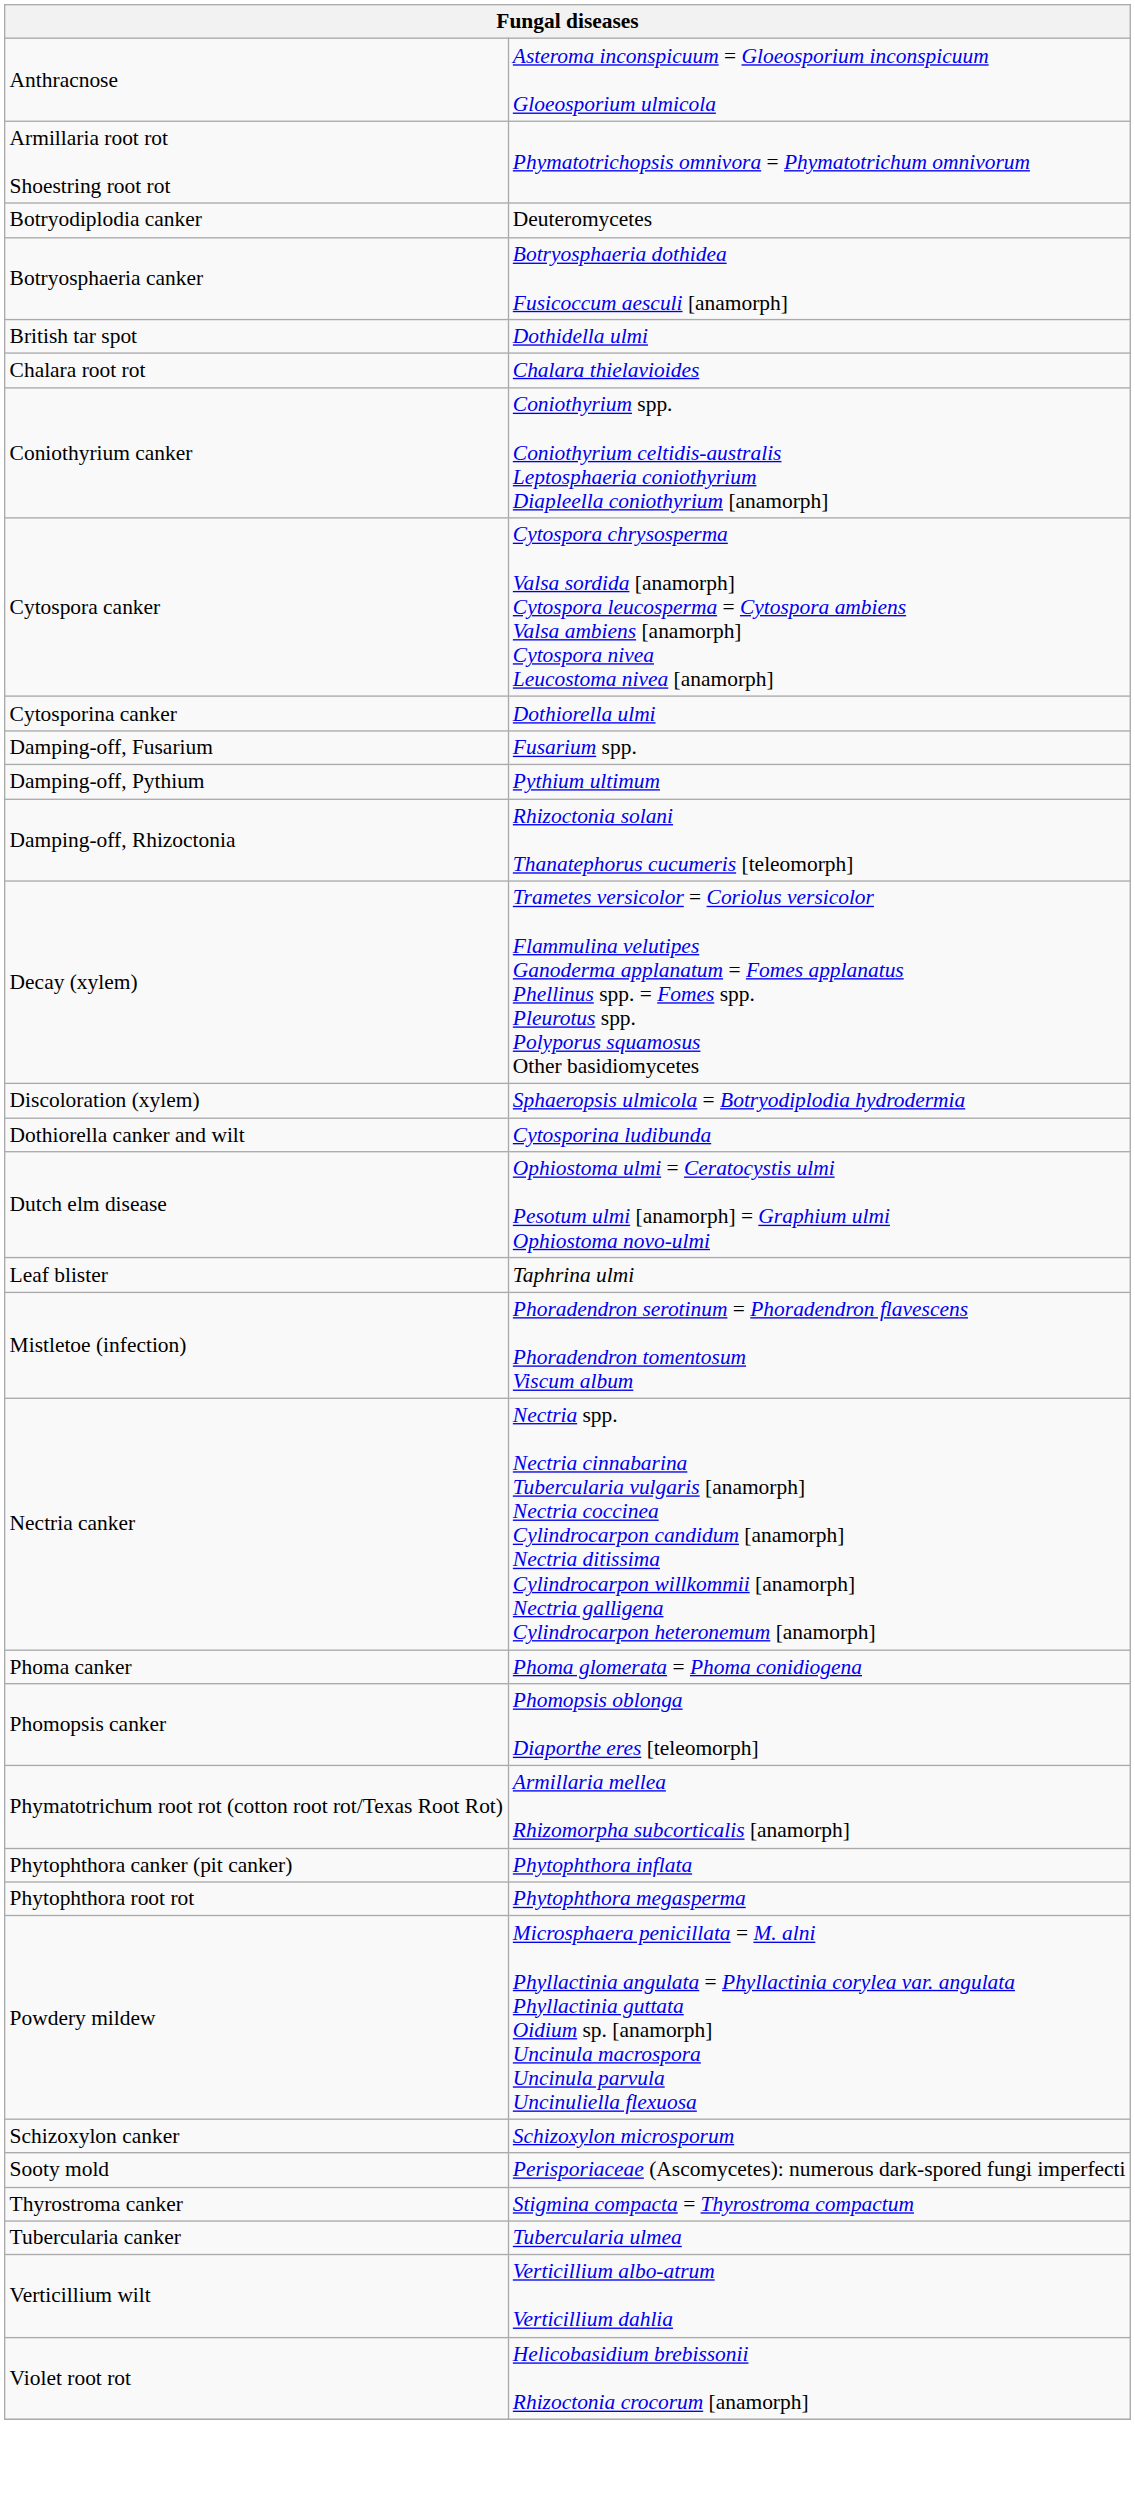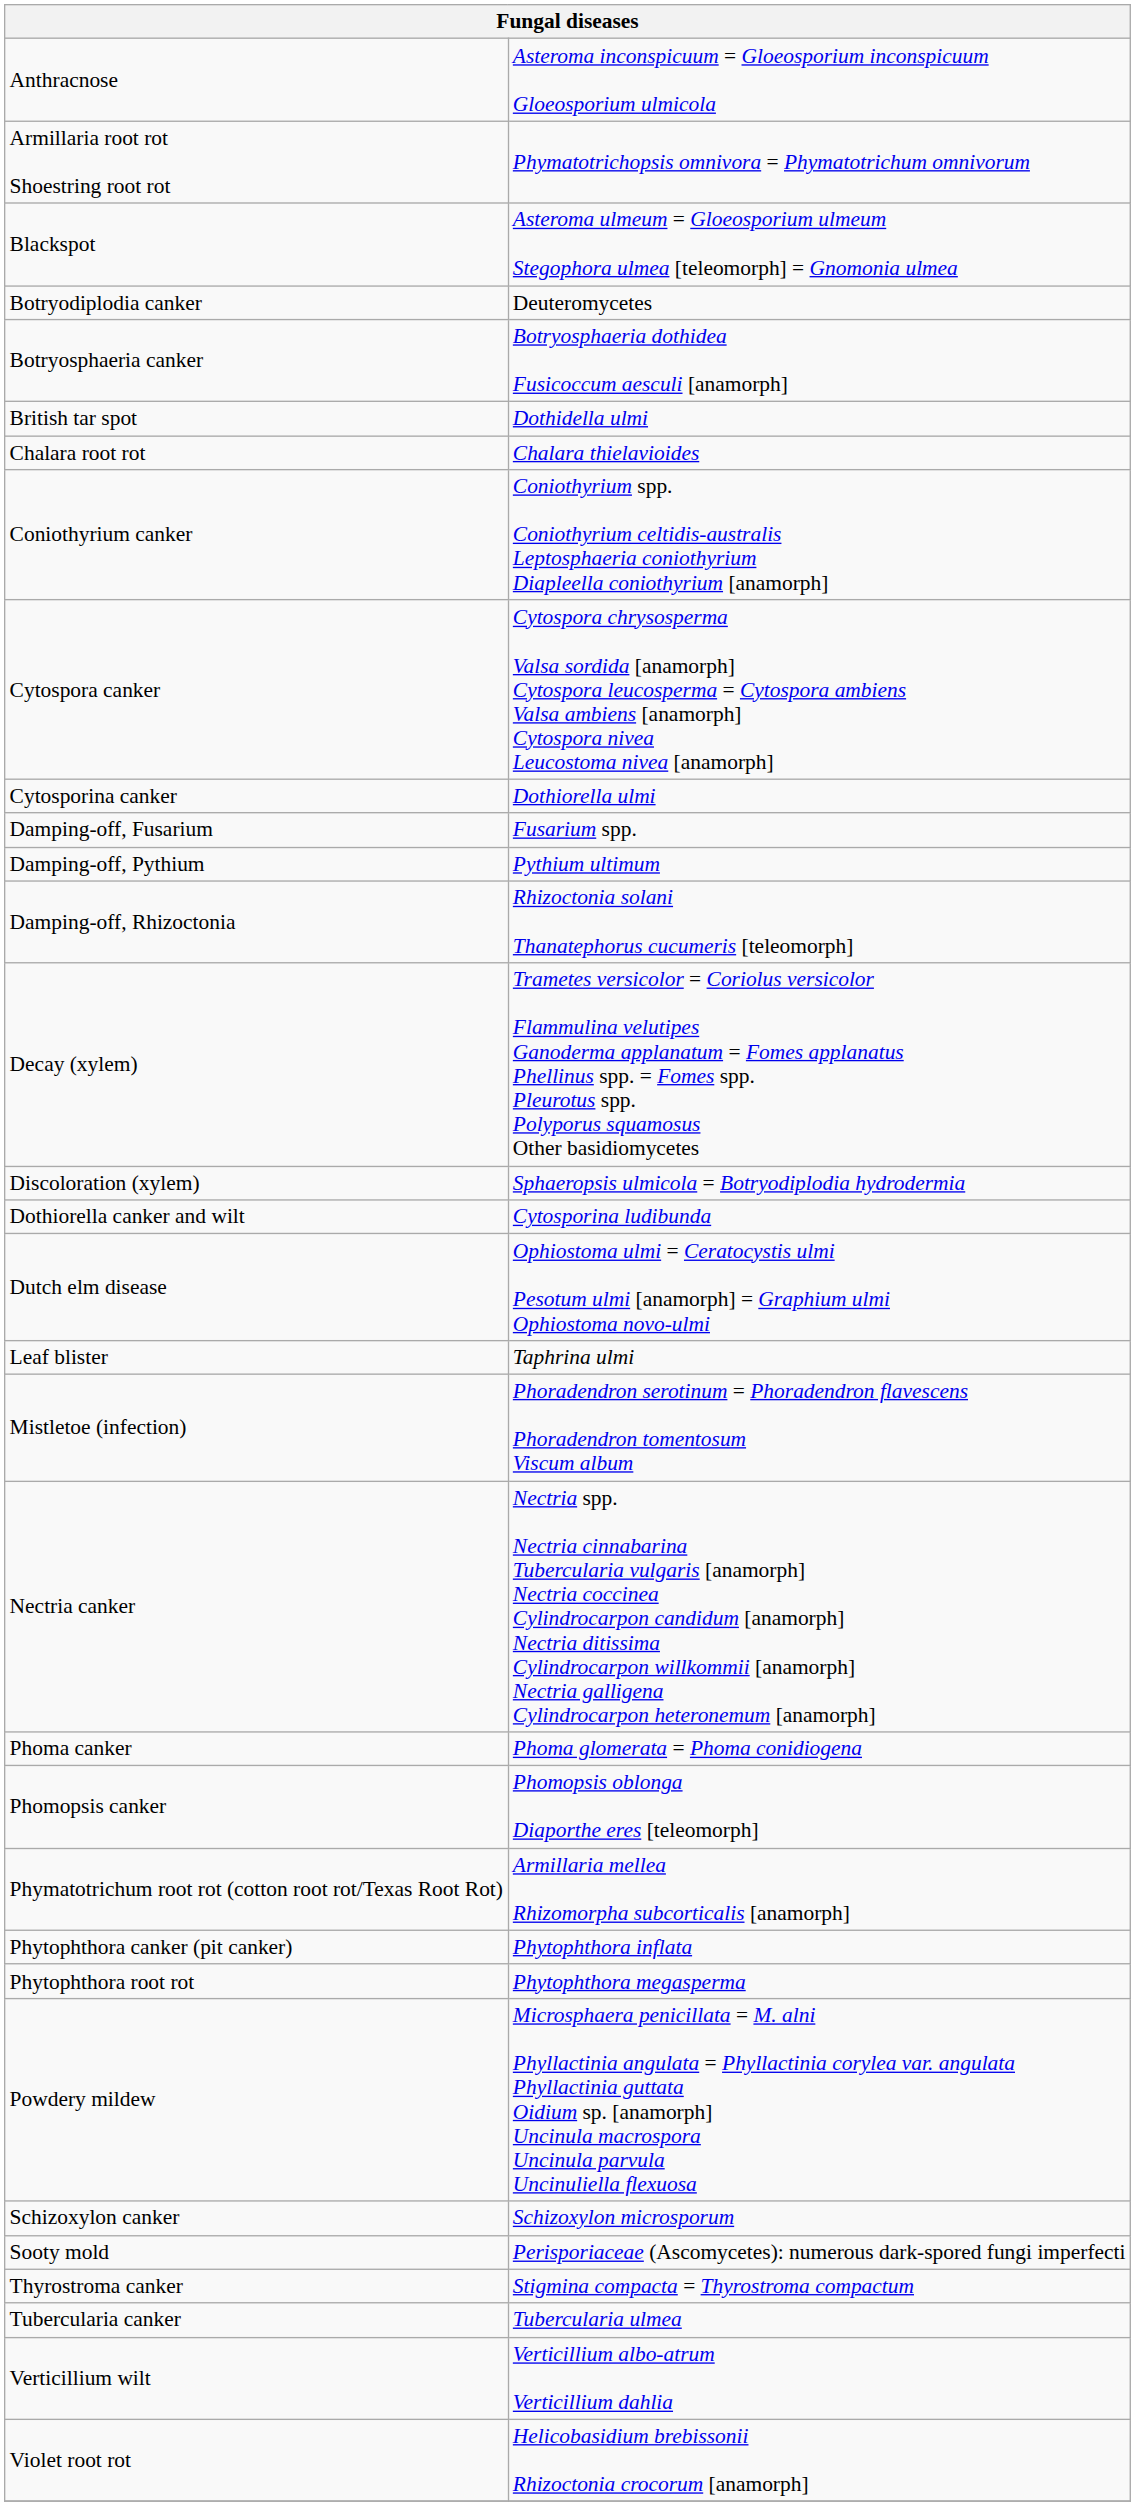 <table class="wikitable" style="clear">
 <tr>
 <th colspan=2><strong>Fungal diseases</strong><br></th>
 </tr>
 <tr>
 <td>Anthracnose</td>
 <td><em><a href='#'>Asteroma inconspicuum</a></em> = <em><a href='#'>Gloeosporium inconspicuum</a></em><br><br><em><a href='#'>Gloeosporium ulmicola</a></em></td>
 </tr>
 <tr>
 <td>Armillaria root rot<br><br>Shoestring root rot</td>
 <td><em><a href='#'>Phymatotrichopsis omnivora</a></em> = <em><a href='#'>Phymatotrichum omnivorum</a></em></td>
+</tr>
+<tr>
+<td>Blackspot</td>
+<td><em><a href='#'>Asteroma ulmeum</a></em> = <em><a href='#'>Gloeosporium ulmeum</a></em><br><br><em><a href='#'>Stegophora ulmea</a></em> [teleomorph]  = <em><a href='#'>Gnomonia ulmea</a></em></td>
 </tr>
 <tr>
 <td>Botryodiplodia canker</td>
 <td>Deuteromycetes</td>
 </tr>
 <tr>
 <td>Botryosphaeria canker</td>
 <td><em><a href='#'>Botryosphaeria dothidea</a></em><br><br><em><a href='#'>Fusicoccum aesculi</a></em> [anamorph]</td>
 </tr>
 <tr>
 <td>British tar spot</td>
 <td><em><a href='#'>Dothidella ulmi</a></em></td>
 </tr>
 <tr>
 <td>Chalara root rot</td>
 <td><em><a href='#'>Chalara thielavioides</a></em></td>
 </tr>
 <tr>
 <td>Coniothyrium canker</td>
 <td><em><a href='#'>Coniothyrium</a></em> spp. <br><br><em><a href='#'>Coniothyrium celtidis-australis</a></em><br> <em><a href='#'>Leptosphaeria coniothyrium</a></em><br> <em><a href='#'>Diapleella coniothyrium</a></em> [anamorph]</td>
 </tr>
 <tr>
 <td>Cytospora canker</td>
 <td><em><a href='#'>Cytospora chrysosperma</a></em><br><br><em><a href='#'>Valsa sordida</a></em> [anamorph]<br> <em><a href='#'>Cytospora leucosperma</a></em> = <em><a href='#'>Cytospora ambiens</a></em><br> <em><a href='#'>Valsa ambiens</a></em> [anamorph]<br> <em><a href='#'>Cytospora nivea</a></em> <br> <em><a href='#'>Leucostoma nivea</a></em> [anamorph]</td>
 </tr>
 <tr>
 <td>Cytosporina canker</td>
 <td><em><a href='#'>Dothiorella ulmi</a></em></td>
 </tr>
 <tr>
 <td>Damping-off, Fusarium</td>
 <td><em><a href='#'>Fusarium</a></em> spp.</td>
 </tr>
 <tr>
 <td>Damping-off, Pythium</td>
 <td><em><a href='#'>Pythium ultimum</a></em></td>
 </tr>
 <tr>
 <td>Damping-off, Rhizoctonia</td>
 <td><em><a href='#'>Rhizoctonia solani</a></em><br><br><em><a href='#'>Thanatephorus cucumeris</a></em> [teleomorph]</td>
 </tr>
 <tr>
 <td>Decay (xylem)</td>
 <td><em><a href='#'>Trametes versicolor</a></em> = <em><a href='#'>Coriolus versicolor</a></em><br><br><em><a href='#'>Flammulina velutipes</a></em><br> <em><a href='#'>Ganoderma applanatum</a></em> = <em><a href='#'>Fomes applanatus</a></em><br> <em><a href='#'>Phellinus</a></em> spp. = <em><a href='#'>Fomes</a></em> spp. <br> <em><a href='#'>Pleurotus</a></em> spp. <br> <em><a href='#'>Polyporus squamosus</a></em><br> Other basidiomycetes</td>
 </tr>
 <tr>
 <td>Discoloration (xylem)</td>
 <td><em><a href='#'>Sphaeropsis ulmicola</a></em> = <em><a href='#'>Botryodiplodia hydrodermia</a></em></td>
 </tr>
 <tr>
 <td>Dothiorella canker and wilt</td>
 <td><em><a href='#'>Cytosporina ludibunda</a></em></td>
 </tr>
 <tr>
 <td>Dutch elm disease</td>
 <td><em><a href='#'>Ophiostoma ulmi</a></em> = <em><a href='#'>Ceratocystis ulmi</a></em><br><br><em><a href='#'>Pesotum ulmi</a></em> [anamorph] = <em><a href='#'>Graphium ulmi</a></em><br> <em><a href='#'>Ophiostoma novo-ulmi</a></em></td>
 </tr>
 <tr>
 <td>Leaf blister</td>
 <td><em>Taphrina ulmi</em></td>
 </tr>
 <tr>
 <td>Mistletoe (infection)</td>
 <td><em><a href='#'>Phoradendron serotinum</a></em> = <em><a href='#'>Phoradendron flavescens</a></em><br><br><em><a href='#'>Phoradendron tomentosum</a></em><br> <em><a href='#'>Viscum album</a></em></td>
 </tr>
 <tr>
 <td>Nectria canker</td>
 <td><em><a href='#'>Nectria</a></em> spp. <br><br><em><a href='#'>Nectria cinnabarina</a></em><br> <em><a href='#'>Tubercularia vulgaris</a></em> [anamorph]<br> <em><a href='#'>Nectria coccinea</a></em><br> <em><a href='#'>Cylindrocarpon candidum</a></em> [anamorph]<br> <em><a href='#'>Nectria ditissima</a></em><br> <em><a href='#'>Cylindrocarpon willkommii</a></em> [anamorph]<br> <em><a href='#'>Nectria galligena</a></em><br> <em><a href='#'>Cylindrocarpon heteronemum</a></em> [anamorph]</td>
 </tr>
 <tr>
 <td>Phoma canker</td>
 <td><em><a href='#'>Phoma glomerata</a></em> = <em><a href='#'>Phoma conidiogena</a></em></td>
 </tr>
 <tr>
 <td>Phomopsis canker</td>
 <td><em><a href='#'>Phomopsis oblonga</a></em><br><br><em><a href='#'>Diaporthe eres</a></em> [teleomorph]</td>
 </tr>
 <tr>
 <td>Phymatotrichum root rot (cotton root rot/Texas Root Rot)</td>
 <td><em><a href='#'>Armillaria mellea</a></em><br><br><em><a href='#'>Rhizomorpha subcorticalis</a></em> [anamorph]</td>
 </tr>
 <tr>
 <td>Phytophthora canker (pit canker)</td>
 <td><em><a href='#'>Phytophthora inflata</a></em></td>
 </tr>
 <tr>
 <td>Phytophthora root rot</td>
 <td><em><a href='#'>Phytophthora megasperma</a></em></td>
 </tr>
 <tr>
 <td>Powdery mildew</td>
 <td><em><a href='#'>Microsphaera penicillata</a></em> = <em><a href='#'>M. alni</a></em><br><br><em><a href='#'>Phyllactinia angulata</a></em> = <em><a href='#'>Phyllactinia corylea var. angulata</a></em><br> <em><a href='#'>Phyllactinia guttata</a></em><br> <em><a href='#'>Oidium</a></em> sp. [anamorph] <br> <em><a href='#'>Uncinula macrospora</a></em><br> <em><a href='#'>Uncinula parvula</a></em><br> <em><a href='#'>Uncinuliella flexuosa</a></em></td>
 </tr>
 <tr>
 <td>Schizoxylon canker</td>
 <td><em><a href='#'>Schizoxylon microsporum</a></em></td>
 </tr>
 <tr>
 <td>Sooty mold</td>
 <td><em><a href='#'>Perisporiaceae</a></em> (Ascomycetes): numerous dark-spored fungi imperfecti</td>
 </tr>
 <tr>
 <td>Thyrostroma canker</td>
 <td><em><a href='#'>Stigmina compacta</a></em> = <em><a href='#'>Thyrostroma compactum</a></em></td>
 </tr>
 <tr>
 <td>Tubercularia canker</td>
 <td><em><a href='#'>Tubercularia ulmea</a></em></td>
 </tr>
 <tr>
 <td>Verticillium wilt</td>
 <td><em><a href='#'>Verticillium albo-atrum</a></em><br><br><em><a href='#'>Verticillium dahlia</a></em></td>
 </tr>
 <tr>
 <td>Violet root rot</td>
 <td><em><a href='#'>Helicobasidium brebissonii</a></em><br><br><em><a href='#'>Rhizoctonia crocorum</a></em> [anamorph]</td>
 </tr>
 <tr>
 </tr>
 </table>
